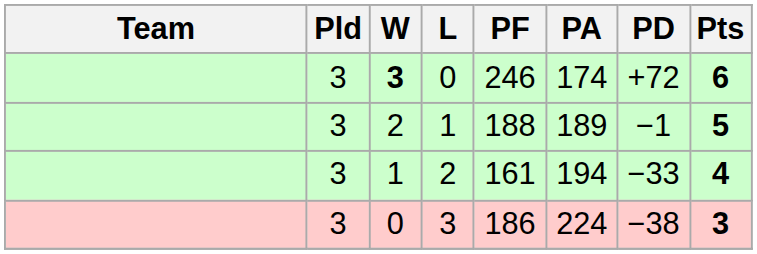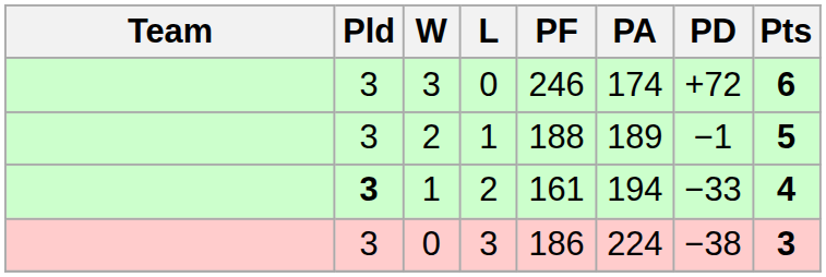 <table class=wikitable>
 <tr>
 <th width=150>Team</th>
 <th width=20>Pld</th>
 <th width=20>W</th>
 <th width=20>L</th>
 <th width=30>PF</th>
 <th width=30>PA</th>
 <th width=30>PD</th>
 <th width=20>Pts</th>
 </tr>
 <tr align=center bgcolor=#ccffcc>
 <td align=left></td>
 <td>3</td>
-<td><strong>3</strong></td>
+<td>3</td>
 <td>0</td>
 <td>246</td>
 <td>174</td>
 <td>+72</td>
 <td><strong>6</strong></td>
 </tr>
 <tr align=center bgcolor=#ccffcc>
 <td align=left></td>
 <td>3</td>
 <td>2</td>
 <td>1</td>
 <td>188</td>
 <td>189</td>
 <td>−1</td>
 <td><strong>5</strong></td>
 </tr>
 <tr align=center bgcolor=#ccffcc>
 <td align=left></td>
-<td>3</td>
+<td><strong>3</strong></td>
 <td>1</td>
 <td>2</td>
 <td>161</td>
 <td>194</td>
 <td>−33</td>
 <td><strong>4</strong></td>
 </tr>
 <tr align=center bgcolor=#ffcccc>
 <td align=left></td>
 <td>3</td>
 <td>0</td>
 <td>3</td>
 <td>186</td>
 <td>224</td>
 <td>−38</td>
 <td><strong>3</strong></td>
 </tr>
 <tr>
 </tr>
 </table>
